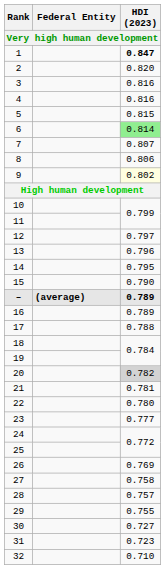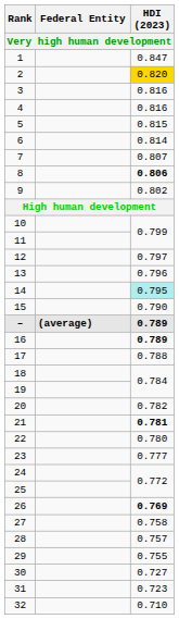 <table class="sortable wikitable" style="text-align:center">
 <tr>
 <th>Rank</th>
 <th>Federal Entity</th>
 <th width="50">HDI<br>(2023)</th>
 </tr>
 <tr>
 <th colspan="3" style="color:#090;" align="center" !>Very high human development</th>
 </tr>
 <tr>
 <td>1</td>
 <td align=left></td>
-<td align=center><strong>0.847</strong></td>
+<td align=center>0.847</td>
 </tr>
 <tr>
 <td>2</td>
 <td align=left></td>
-<td align=center>0.820</td>
+<td align=center style="background: gold;">0.820</td>
 </tr>
 <tr>
 <td>3</td>
 <td align="left"></td>
 <td align="center">0.816</td>
 </tr>
 <tr>
 <td>4</td>
 <td align="left"></td>
 <td align="center">0.816</td>
 </tr>
 <tr>
 <td>5</td>
 <td align="left"></td>
 <td align="center">0.815</td>
 </tr>
 <tr>
 <td>6</td>
 <td align="left"></td>
-<td align="center" style="background: lightgreen;">0.814</td>
+<td align="center">0.814</td>
 </tr>
 <tr>
 <td>7</td>
 <td align="left"></td>
 <td align="center">0.807</td>
 </tr>
 <tr>
 <td>8</td>
 <td align="left"></td>
-<td align="center">0.806</td>
+<td align="center"><strong>0.806</strong></td>
 </tr>
 <tr>
 <td>9</td>
 <td align="left"></td>
-<td align="center" style="background: lightyellow;">0.802</td>
+<td align="center">0.802</td>
 </tr>
 <tr>
 <th colspan="3" style="color:#0c0;" align="center" !>High human development</th>
 </tr>
 <tr>
 <td>10</td>
 <td align="left"></td>
 <td rowspan="2" align="center">0.799</td>
 </tr>
 <tr>
 <td>11</td>
 <td align="left"></td>
 </tr>
 <tr>
 <td>12</td>
 <td align="left"></td>
 <td align="center">0.797</td>
 </tr>
 <tr>
 <td>13</td>
 <td align="left"></td>
 <td align="center">0.796</td>
 </tr>
 <tr>
 <td>14</td>
 <td align="left"></td>
-<td align="center">0.795</td>
+<td align="center" style="background: paleturquoise;">0.795</td>
 </tr>
 <tr>
 <td>15</td>
 <td align="left"></td>
 <td align="center">0.790</td>
 </tr>
 <tr style="background:#e6e6e6">
 <td><strong>–</strong></td>
 <td align="left"><strong> (average)</strong></td>
 <td align="center"><strong>0.789</strong></td>
 </tr>
 <tr>
 <td>16</td>
 <td align="left"></td>
-<td align="center">0.789</td>
+<td align="center"><strong>0.789</strong></td>
 </tr>
 <tr>
 <td>17</td>
 <td align="left"></td>
 <td align="center">0.788</td>
 </tr>
 <tr>
 <td>18</td>
 <td align="left"></td>
 <td rowspan="2" align="center">0.784</td>
 </tr>
 <tr>
 <td>19</td>
 <td align="left"></td>
 </tr>
 <tr>
 <td>20</td>
 <td align="left"></td>
-<td align="center" style="background: lightgrey;">0.782</td>
+<td align="center">0.782</td>
 </tr>
 <tr>
 <td>21</td>
 <td align="left"></td>
-<td align="center" align="center">0.781</td>
+<td align="center" align="center"><strong>0.781</strong></td>
 </tr>
 <tr>
 <td>22</td>
 <td align="left"></td>
 <td align="center">0.780</td>
 </tr>
 <tr>
 <td>23</td>
 <td align="left"></td>
 <td align="center">0.777</td>
 </tr>
 <tr>
 <td>24</td>
 <td align="left"></td>
 <td rowspan="2" align="center">0.772</td>
 </tr>
 <tr>
 <td>25</td>
 <td align="left"></td>
 </tr>
 <tr>
 <td>26</td>
 <td align="left"></td>
-<td align="center">0.769</td>
+<td align="center"><strong>0.769</strong></td>
 </tr>
 <tr>
 <td>27</td>
 <td align="left"></td>
 <td align="center">0.758</td>
 </tr>
 <tr>
 <td>28</td>
 <td align="left"></td>
 <td align="center">0.757</td>
 </tr>
 <tr>
 <td>29</td>
 <td align="left"></td>
 <td align="center">0.755</td>
 </tr>
 <tr>
 <td>30</td>
 <td align="left"></td>
 <td align="center">0.727</td>
 </tr>
 <tr>
 <td>31</td>
 <td align="left"></td>
 <td align="center">0.723</td>
 </tr>
 <tr>
 <td>32</td>
 <td align=left></td>
 <td align=center>0.710</td>
 </tr>
 </table>
